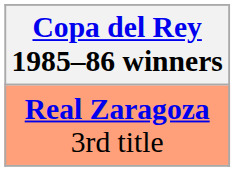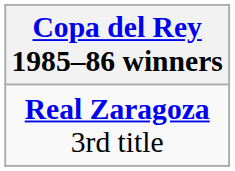 <table class="wikitable" style="text-align: center; margin: 0 auto;">
 <tr>
 <th><a href='#'>Copa del Rey</a><br>1985–86 winners</th>
 </tr>
 <tr>
-<td style="background: lightsalmon;"><strong><a href='#'>Real Zaragoza</a></strong><br>3rd title</td>
+<td><strong><a href='#'>Real Zaragoza</a></strong><br>3rd title</td>
 </tr>
 </table>
